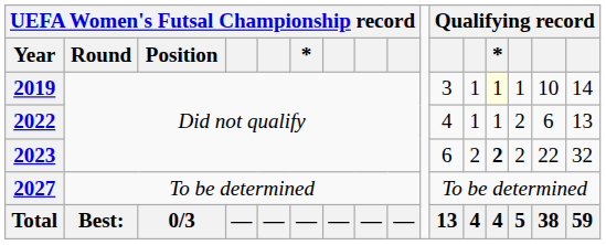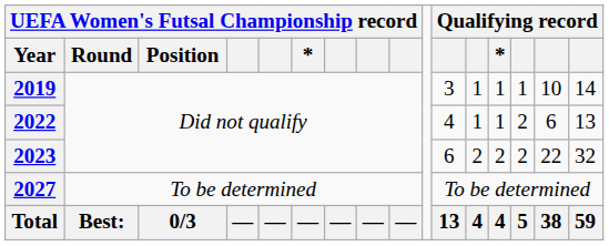 <table class="wikitable" style="text-align: center;">
 <tr>
 <th colspan="9"><a href='#'>UEFA Women's Futsal Championship</a> record</th>
 <td rowspan=17></td>
 <th colspan=6>Qualifying record</th>
 </tr>
 <tr>
 <th>Year</th>
 <th>Round</th>
 <th>Position</th>
 <th></th>
 <th></th>
 <th>*</th>
 <th></th>
 <th></th>
 <th></th>
 <th></th>
 <th></th>
 <th>*</th>
 <th></th>
 <th></th>
 <th></th>
 </tr>
 <tr>
 <th> <a href='#'>2019</a></th>
 <td colspan="8" rowspan="3"><em>Did not qualify</em></td>
 <td>3</td>
 <td>1</td>
-<td style="background: lightyellow;">1</td>
+<td>1</td>
 <td>1</td>
 <td>10</td>
 <td>14</td>
 </tr>
 <tr>
 <th> <a href='#'>2022</a></th>
 <td>4</td>
 <td>1</td>
 <td>1</td>
 <td>2</td>
 <td>6</td>
 <td>13</td>
 </tr>
 <tr>
 <th> <a href='#'>2023</a></th>
 <td>6</td>
 <td>2</td>
-<td><strong>2</strong></td>
+<td>2</td>
 <td>2</td>
 <td>22</td>
 <td>32</td>
 </tr>
 <tr>
 <th> <a href='#'>2027</a></th>
 <td colspan="8"><em>To be determined</em></td>
 <td colspan=6><em>To be determined</em></td>
 </tr>
 <tr>
 <th>Total</th>
 <th>Best:</th>
 <th>0/3</th>
 <th>—</th>
 <th>—</th>
 <th>—</th>
 <th>—</th>
 <th>—</th>
 <th>—</th>
 <th>13</th>
 <th>4</th>
 <th>4</th>
 <th>5</th>
 <th>38</th>
 <th>59</th>
 </tr>
 </table>
